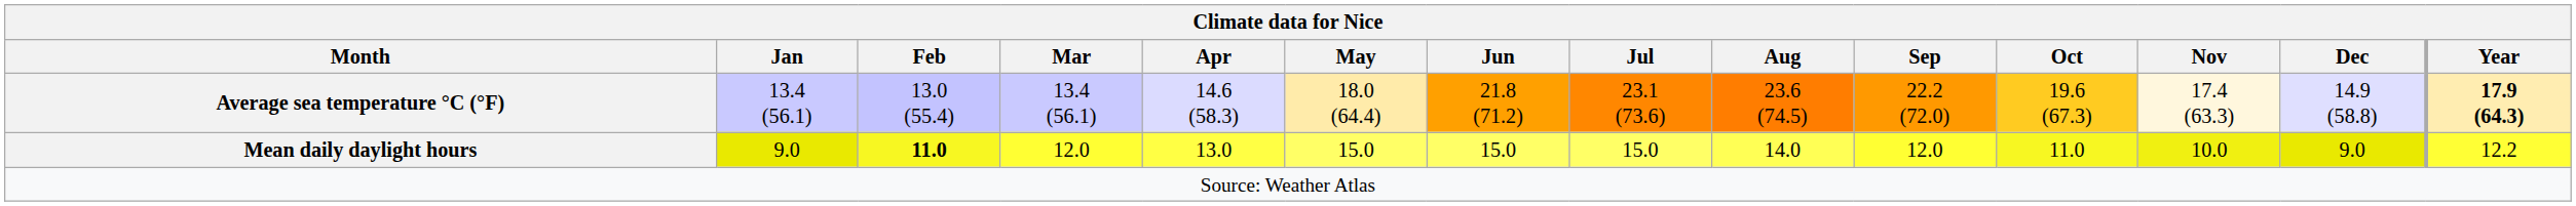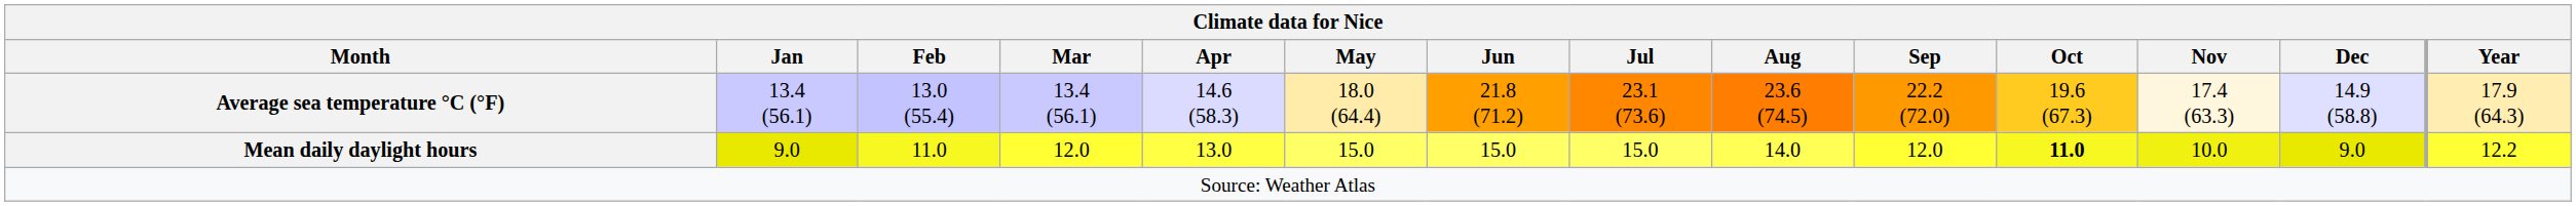 <table style="width:100%;text-align:center;line-height:1.2em;margin-left:auto;margin-right:auto" class="wikitable mw-collapsible">
 <tr>
 <th Colspan=14>Climate data for Nice</th>
 </tr>
 <tr>
 <th>Month</th>
 <th>Jan</th>
 <th>Feb</th>
 <th>Mar</th>
 <th>Apr</th>
 <th>May</th>
 <th>Jun</th>
 <th>Jul</th>
 <th>Aug</th>
 <th>Sep</th>
 <th>Oct</th>
 <th>Nov</th>
 <th>Dec</th>
 <th style="border-left-width:medium">Year</th>
 </tr>
 <tr>
 <th>Average sea temperature °C (°F)</th>
 <td style="background:#C9C9FF;color:#000000;">13.4<br>(56.1)</td>
 <td style="background:#C3C3FF;color:#000000;">13.0<br>(55.4)</td>
 <td style="background:#C9C9FF;color:#000000;">13.4<br>(56.1)</td>
 <td style="background:#DBDBFF;color:#000000;">14.6<br>(58.3)</td>
 <td style="background:#FFEBAA;color:#000000;">18.0<br>(64.4)</td>
 <td style="background:#FFA000;color:#000000;">21.8<br>(71.2)</td>
 <td style="background:#FF8700;color:#000000;">23.1<br>(73.6)</td>
 <td style="background:#FF7D00;color:#000000;">23.6<br>(74.5)</td>
 <td style="background:#FF9900;color:#000000;">22.2<br>(72.0)</td>
 <td style="background:#FFCB21;color:#000000;">19.6<br>(67.3)</td>
 <td style="background:#FFF7DD;color:#000000;">17.4<br>(63.3)</td>
 <td style="background:#DFDFFF;color:#000000;">14.9<br>(58.8)</td>
-<td style="background:#FFEDB1;color:#000000;border-left-width:medium"><strong>17.9<br>(64.3)</strong></td>
+<td style="background:#FFEDB1;color:#000000;border-left-width:medium">17.9<br>(64.3)</td>
 </tr>
 <tr>
 <th>Mean daily daylight hours</th>
 <td style="background:#E9E900;color:#000000;">9.0</td>
-<td style="background:#F7F722;color:#000000;"><strong>11.0</strong></td>
+<td style="background:#F7F722;color:#000000;">11.0</td>
 <td style="background:#FFFF33;color:#000000;">12.0</td>
 <td style="background:#FFFF44;color:#000000;">13.0</td>
 <td style="background:#FFFF66;color:#000000;">15.0</td>
 <td style="background:#FFFF66;color:#000000;">15.0</td>
 <td style="background:#FFFF66;color:#000000;">15.0</td>
 <td style="background:#FFFF55;color:#000000;">14.0</td>
 <td style="background:#FFFF33;color:#000000;">12.0</td>
-<td style="background:#F7F722;color:#000000;">11.0</td>
+<td style="background:#F7F722;color:#000000;"><strong>11.0</strong></td>
 <td style="background:#F0F011;color:#000000;">10.0</td>
 <td style="background:#E9E900;color:#000000;">9.0</td>
 <td style="background:#FFFF35;color:#000000;border-left-width:medium">12.2</td>
 </tr>
 <tr>
 <th Colspan=14 style="background:#f8f9fa;font-weight:normal;font-size:95%;">Source: Weather Atlas</th>
 </tr>
 </table>
